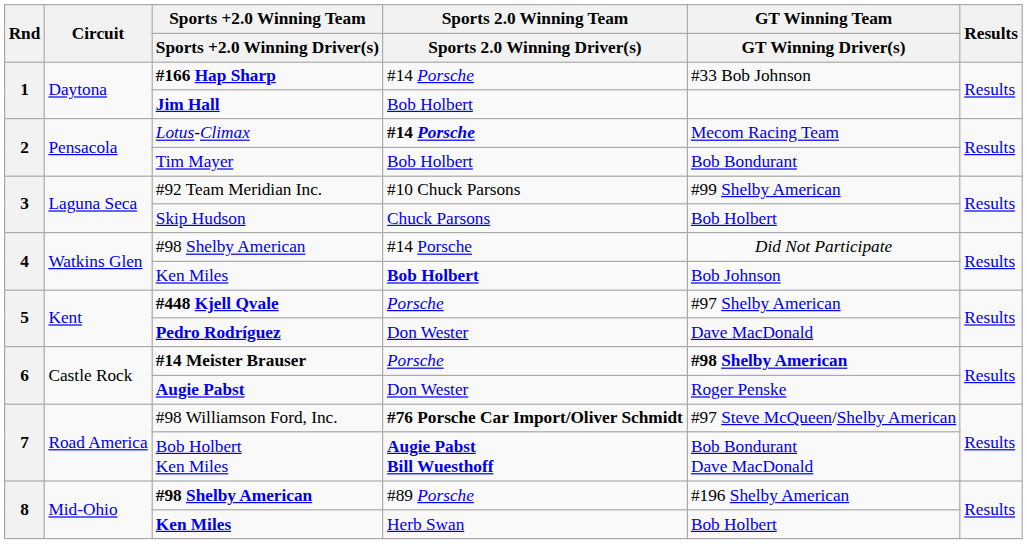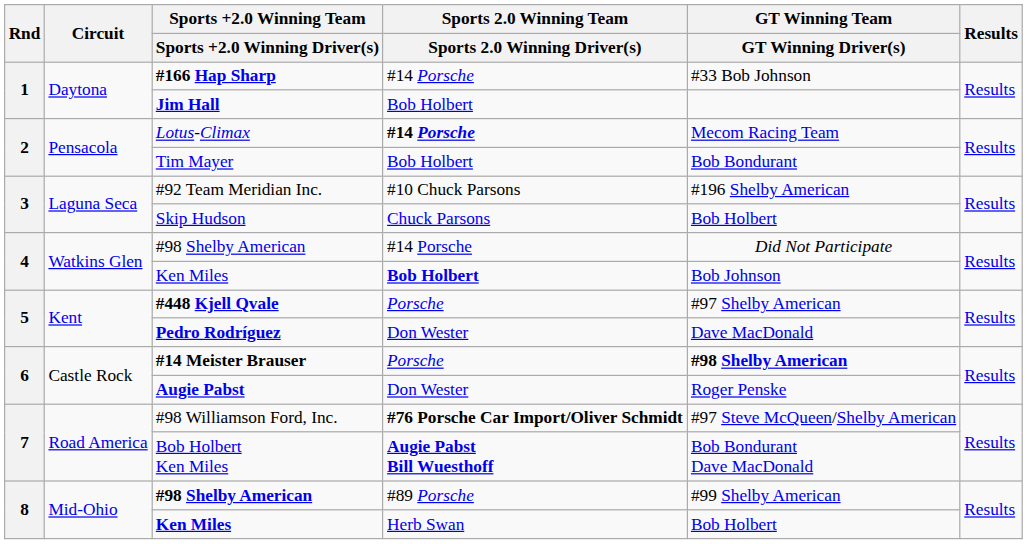 <table class="wikitable" style="font-size: 90%;">
 <tr>
 <th rowspan=2>Rnd</th>
 <th rowspan=2>Circuit</th>
 <th>Sports +2.0 Winning Team</th>
 <th>Sports 2.0 Winning Team</th>
 <th>GT Winning Team</th>
 <th rowspan=2>Results</th>
 </tr>
 <tr>
 <th>Sports +2.0 Winning Driver(s)</th>
 <th>Sports 2.0 Winning Driver(s)</th>
 <th>GT Winning Driver(s)</th>
 </tr>
 <tr>
 <th rowspan=2>1</th>
 <td rowspan=2><a href='#'>Daytona</a></td>
 <td><strong>#166 <a href='#'>Hap Sharp</a></strong></td>
 <td>#14 <em><a href='#'>Porsche</a></em></td>
 <td>#33 Bob Johnson</td>
 <td rowspan=2><a href='#'>Results</a></td>
 </tr>
 <tr>
 <td><strong> <a href='#'>Jim Hall</a></strong></td>
 <td> <a href='#'>Bob Holbert</a></td>
 <td></td>
 </tr>
 <tr>
 <th rowspan=2>2</th>
 <td rowspan=2><a href='#'>Pensacola</a></td>
 <td><em><a href='#'>Lotus</a>-<a href='#'>Climax</a></em></td>
 <td><strong>#14 <em><a href='#'>Porsche</a><strong><em></td>
 <td><a href='#'>Mecom Racing Team</a></td>
 <td rowspan=2><a href='#'>Results</a></td>
 </tr>
 <tr>
 <td> <a href='#'>Tim Mayer</a></td>
 <td></strong> <a href='#'>Bob Holbert</a><strong></td>
 <td> <a href='#'>Bob Bondurant</a></td>
 </tr>
 <tr>
 <th rowspan=2>3</th>
 <td rowspan=2><a href='#'>Laguna Seca</a></td>
 <td>#92 Team Meridian Inc.</td>
 <td></strong>#10 Chuck Parsons<strong></td>
-<td>#99 <a href='#'>Shelby American</a></td>
+<td>#196 <a href='#'>Shelby American</a></td>
 <td rowspan=2><a href='#'>Results</a></td>
 </tr>
 <tr>
 <td> <a href='#'>Skip Hudson</a></td>
 <td></strong> <a href='#'>Chuck Parsons</a><strong></td>
 <td> <a href='#'>Bob Holbert</a></td>
 </tr>
 <tr>
 <th rowspan=2>4</th>
 <td rowspan=2><a href='#'>Watkins Glen</a></td>
 <td>#98 <a href='#'>Shelby American</a></td>
 <td></strong>#14 </em><a href='#'>Porsche</a></em></strong></td>
 <td align="center"><em>Did Not Participate</em></td>
 <td rowspan=2><a href='#'>Results</a></td>
 </tr>
 <tr>
 <td> <a href='#'>Ken Miles</a></td>
 <td><strong> <a href='#'>Bob Holbert</a></strong></td>
 <td> <a href='#'>Bob Johnson</a></td>
 </tr>
 <tr>
 <th rowspan=2>5</th>
 <td rowspan=2><a href='#'>Kent</a></td>
 <td><strong>#448 <a href='#'>Kjell Qvale</a></strong></td>
 <td><em><a href='#'>Porsche</a></em></td>
 <td>#97 <a href='#'>Shelby American</a></td>
 <td rowspan=2><a href='#'>Results</a></td>
 </tr>
 <tr>
 <td><strong> <a href='#'>Pedro Rodríguez</a></strong></td>
 <td> <a href='#'>Don Wester</a></td>
 <td> <a href='#'>Dave MacDonald</a></td>
 </tr>
 <tr>
 <th rowspan=2>6</th>
 <td rowspan=2>Castle Rock</td>
 <td><strong>#14 Meister Brauser</strong></td>
 <td><em><a href='#'>Porsche</a></em></td>
 <td><strong>#98 <a href='#'>Shelby American</a></strong></td>
 <td rowspan=2><a href='#'>Results</a></td>
 </tr>
 <tr>
 <td><strong> <a href='#'>Augie Pabst</a></strong></td>
 <td> <a href='#'>Don Wester</a></td>
 <td> <a href='#'>Roger Penske</a></td>
 </tr>
 <tr>
 <th rowspan=2>7</th>
 <td rowspan=2><a href='#'>Road America</a></td>
 <td>#98 Williamson Ford, Inc.</td>
 <td><strong>#76 Porsche Car Import/Oliver Schmidt</strong></td>
 <td>#97 <a href='#'>Steve McQueen</a>/<a href='#'>Shelby American</a></td>
 <td rowspan=2><a href='#'>Results</a></td>
 </tr>
 <tr>
 <td> <a href='#'>Bob Holbert</a><br> <a href='#'>Ken Miles</a></td>
 <td><strong> <a href='#'>Augie Pabst</a><br> <a href='#'>Bill Wuesthoff</a></strong></td>
 <td> <a href='#'>Bob Bondurant</a><br> <a href='#'>Dave MacDonald</a></td>
 </tr>
 <tr>
 <th rowspan=2>8</th>
 <td rowspan=2><a href='#'>Mid-Ohio</a></td>
 <td><strong>#98 <a href='#'>Shelby American</a></strong></td>
 <td>#89 <em><a href='#'>Porsche</a></em></td>
-<td>#196 <a href='#'>Shelby American</a></td>
+<td>#99 <a href='#'>Shelby American</a></td>
 <td rowspan=2><a href='#'>Results</a></td>
 </tr>
 <tr>
 <td><strong> <a href='#'>Ken Miles</a></strong></td>
 <td> <a href='#'>Herb Swan</a></td>
 <td> <a href='#'>Bob Holbert</a></td>
 </tr>
 </table>
